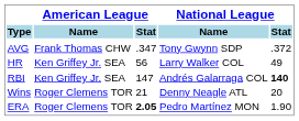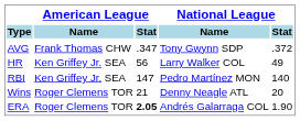 <table cellpadding="1" style="width:auto;font-size: 90%; border: 1px solid gray;">
 <tr align="center" style="font-size: larger;">
 <td> </td>
 <th colspan=2><a href='#'>American League</a></th>
 <th colspan=2><a href='#'>National League</a></th>
 </tr>
 <tr style="background:lightblue;">
 <th>Type</th>
 <th>Name</th>
 <th>Stat</th>
 <th>Name</th>
 <th>Stat</th>
 </tr>
 <tr align="center" style="vertical-align: middle;" style="background:lightblue;">
 </tr>
 <tr>
 <td><a href='#'>AVG</a></td>
 <td><a href='#'>Frank Thomas</a> CHW</td>
 <td>.347</td>
 <td><a href='#'>Tony Gwynn</a> SDP</td>
 <td>.372</td>
 </tr>
 <tr>
 <td><a href='#'>HR</a></td>
 <td><a href='#'>Ken Griffey Jr.</a> SEA</td>
 <td>56</td>
 <td><a href='#'>Larry Walker</a> COL</td>
 <td>49</td>
 </tr>
 <tr>
 <td><a href='#'>RBI</a></td>
 <td><a href='#'>Ken Griffey Jr.</a> SEA</td>
 <td>147</td>
-<td><a href='#'>Andrés Galarraga</a> COL</td>
-<td><strong>140</strong></td>
+<td><a href='#'>Pedro Martínez</a> MON</td>
+<td>140</td>
 </tr>
 <tr>
 <td><a href='#'>Wins</a></td>
 <td><a href='#'>Roger Clemens</a> TOR</td>
 <td>21</td>
 <td><a href='#'>Denny Neagle</a> ATL</td>
 <td>20</td>
 </tr>
 <tr>
 <td><a href='#'>ERA</a></td>
 <td><a href='#'>Roger Clemens</a> TOR</td>
 <td><strong>2.05</strong></td>
-<td><a href='#'>Pedro Martínez</a> MON</td>
+<td><a href='#'>Andrés Galarraga</a> COL</td>
 <td>1.90</td>
 </tr>
 </table>
